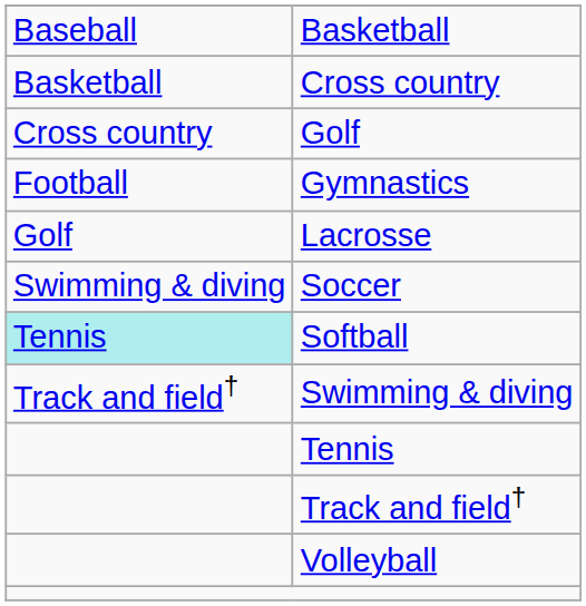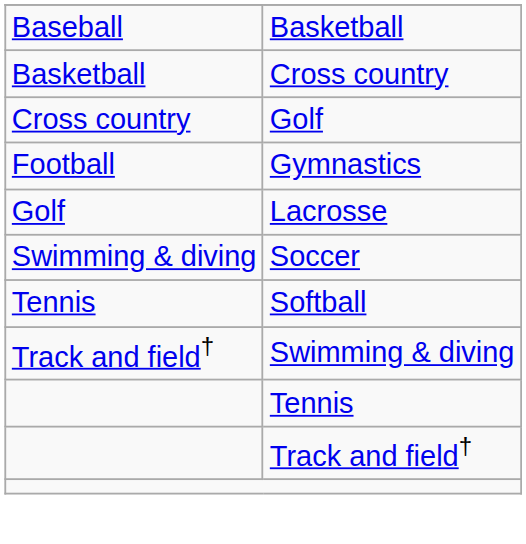 <table class="wikitable" style="float:right; clear:left; margin:0 0 1em 1em;">
 <tr>
 </tr>
 <tr>
 <td><a href='#'>Baseball</a></td>
 <td><a href='#'>Basketball</a></td>
 </tr>
 <tr>
 <td><a href='#'>Basketball</a></td>
 <td><a href='#'>Cross country</a></td>
 </tr>
 <tr>
 <td><a href='#'>Cross country</a></td>
 <td><a href='#'>Golf</a></td>
 </tr>
 <tr>
 <td><a href='#'>Football</a></td>
 <td><a href='#'>Gymnastics</a></td>
 </tr>
 <tr>
 <td><a href='#'>Golf</a></td>
 <td><a href='#'>Lacrosse</a></td>
 </tr>
 <tr>
 <td><a href='#'>Swimming & diving</a></td>
 <td><a href='#'>Soccer</a></td>
 </tr>
 <tr>
-<td style="background: paleturquoise;"><a href='#'>Tennis</a></td>
+<td><a href='#'>Tennis</a></td>
 <td><a href='#'>Softball</a></td>
 </tr>
 <tr>
 <td><a href='#'>Track and field</a><sup>†</sup></td>
 <td><a href='#'>Swimming & diving</a></td>
 </tr>
 <tr>
 <td></td>
 <td><a href='#'>Tennis</a></td>
 </tr>
 <tr>
 <td></td>
 <td><a href='#'>Track and field</a><sup>†</sup></td>
 </tr>
 <tr>
-<td></td>
-<td><a href='#'>Volleyball</a></td>
-</tr>
-<tr>
 <td colspan="2"></td>
 </tr>
 </table>
